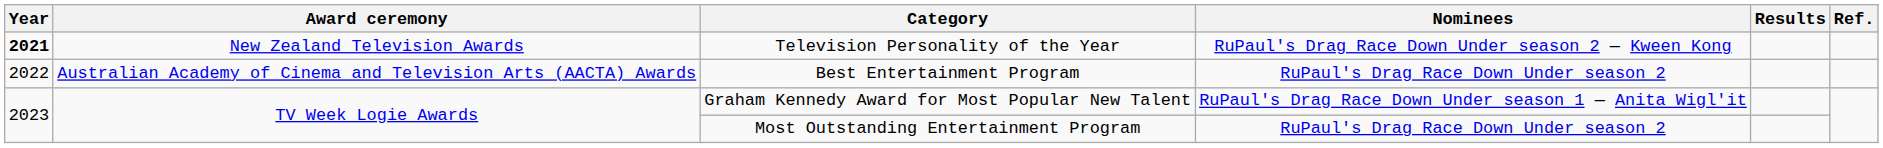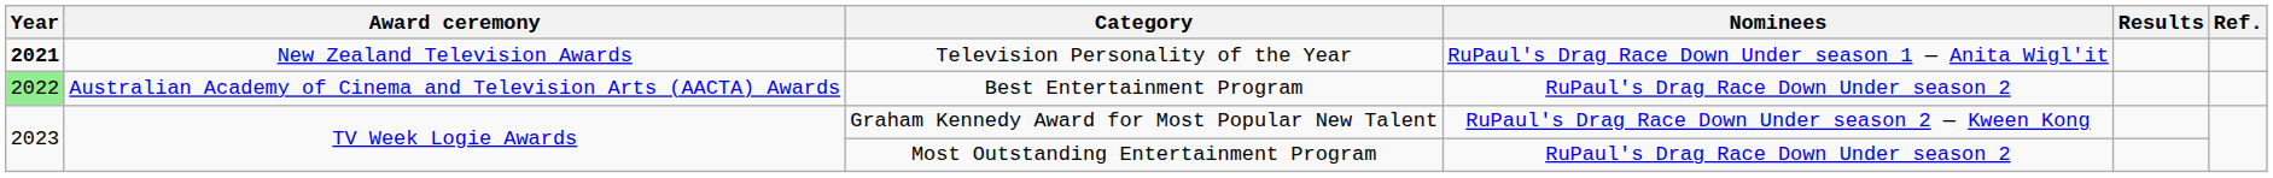 <table class="wikitable sortable">
 <tr>
 <th>Year</th>
 <th>Award ceremony</th>
 <th>Category</th>
 <th>Nominees</th>
 <th>Results</th>
 <th>Ref.</th>
 </tr>
 <tr>
 <td style="text-align:center"><strong>2021</strong></td>
 <td style="text-align:center"><a href='#'>New Zealand Television Awards</a></td>
 <td style="text-align:center">Television Personality of the Year</td>
-<td style="text-align:center"><a href='#'>RuPaul's Drag Race Down Under season 2</a> — <a href='#'>Kween Kong</a></td>
+<td style="text-align:center"><a href='#'>RuPaul's Drag Race Down Under season 1</a> — <a href='#'>Anita Wigl'it</a></td>
 <td></td>
 <td style="text-align:center"></td>
 </tr>
 <tr>
-<td style="text-align:center">2022</td>
+<td style="background: lightgreen; text-align:center">2022</td>
 <td style="text-align:center"><a href='#'>Australian Academy of Cinema and Television Arts (AACTA) Awards</a></td>
 <td style="text-align:center">Best Entertainment Program</td>
 <td style="text-align:center"><a href='#'>RuPaul's Drag Race Down Under season 2</a></td>
 <td></td>
 <td style="text-align:center"></td>
 </tr>
 <tr>
 <td rowspan="2" style="text-align:center">2023</td>
 <td rowspan="2" style="text-align:center"><a href='#'>TV Week Logie Awards</a></td>
 <td style="text-align:center">Graham Kennedy Award for Most Popular New Talent</td>
-<td style="text-align:center"><a href='#'>RuPaul's Drag Race Down Under season 1</a> — <a href='#'>Anita Wigl'it</a></td>
+<td style="text-align:center"><a href='#'>RuPaul's Drag Race Down Under season 2</a> — <a href='#'>Kween Kong</a></td>
 <td></td>
 <td rowspan="2" style="text-align:center"></td>
 </tr>
 <tr>
 <td style="text-align:center">Most Outstanding Entertainment Program</td>
 <td style="text-align:center"><a href='#'>RuPaul's Drag Race Down Under season 2</a></td>
 <td></td>
 </tr>
 </table>
